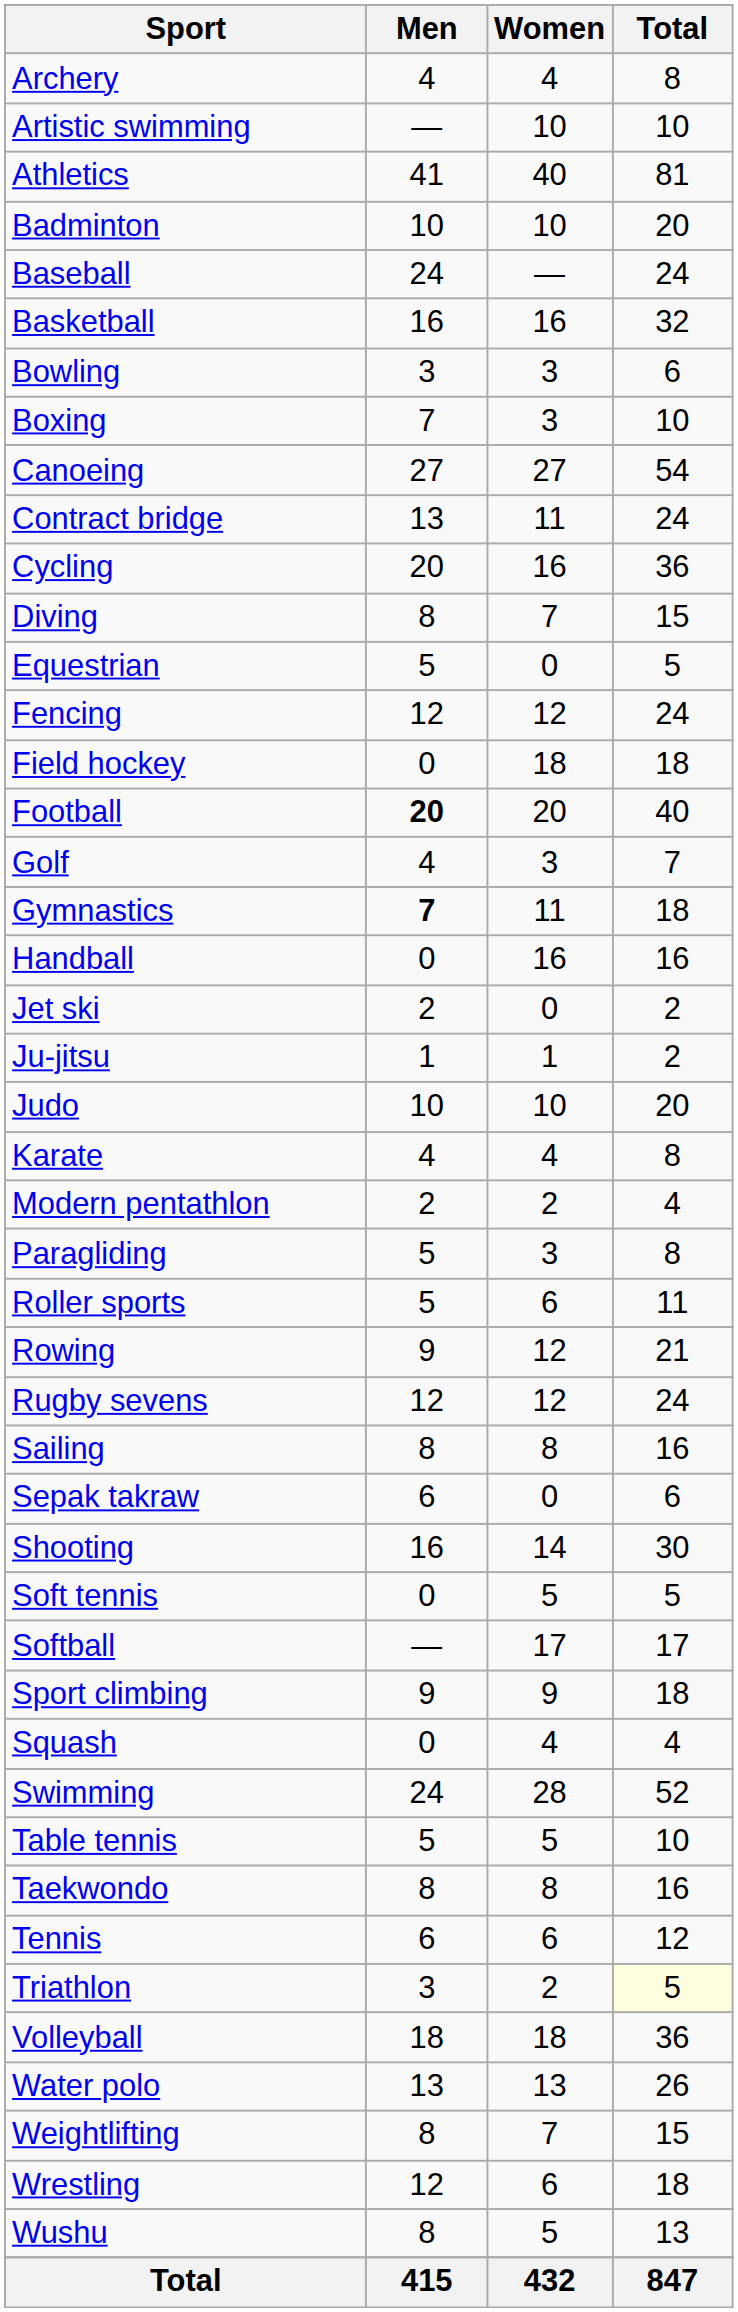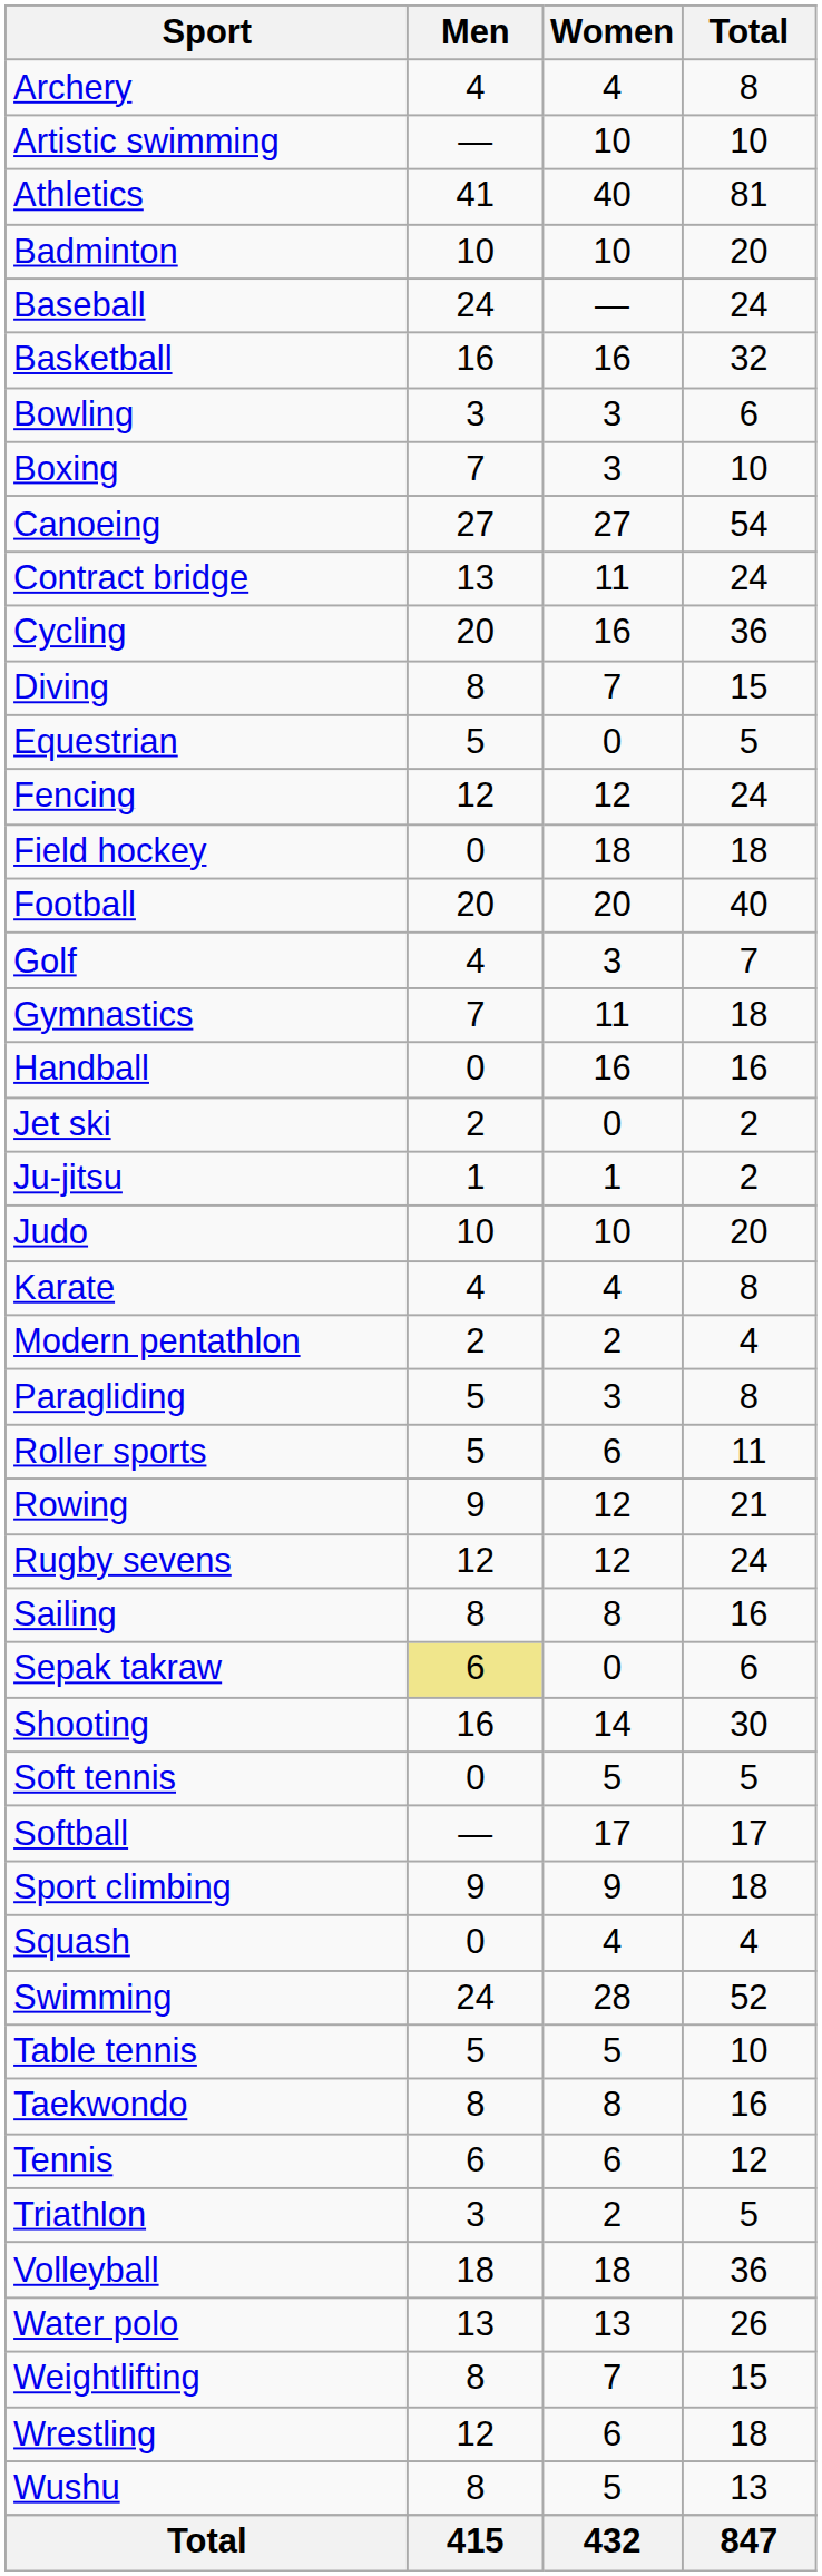 <table class="wikitable sortable" style="text-align:center;">
 <tr>
 <th width=180>Sport</th>
 <th width=55>Men</th>
 <th width=55>Women</th>
 <th width=55>Total</th>
 </tr>
 <tr>
 <td align=left><a href='#'>Archery</a></td>
 <td>4</td>
 <td>4</td>
 <td>8</td>
 </tr>
 <tr>
 <td align=left><a href='#'>Artistic swimming</a></td>
 <td>—</td>
 <td>10</td>
 <td>10</td>
 </tr>
 <tr>
 <td align=left><a href='#'>Athletics</a></td>
 <td>41</td>
 <td>40</td>
 <td>81</td>
 </tr>
 <tr>
 <td align=left><a href='#'>Badminton</a></td>
 <td>10</td>
 <td>10</td>
 <td>20</td>
 </tr>
 <tr>
 <td align=left><a href='#'>Baseball</a></td>
 <td>24</td>
 <td>—</td>
 <td>24</td>
 </tr>
 <tr>
 <td align=left><a href='#'>Basketball</a></td>
 <td>16</td>
 <td>16</td>
 <td>32</td>
 </tr>
 <tr>
 <td align=left><a href='#'>Bowling</a></td>
 <td>3</td>
 <td>3</td>
 <td>6</td>
 </tr>
 <tr>
 <td align=left><a href='#'>Boxing</a></td>
 <td>7</td>
 <td>3</td>
 <td>10</td>
 </tr>
 <tr>
 <td align=left><a href='#'>Canoeing</a></td>
 <td>27</td>
 <td>27</td>
 <td>54</td>
 </tr>
 <tr>
 <td align=left><a href='#'>Contract bridge</a></td>
 <td>13</td>
 <td>11</td>
 <td>24</td>
 </tr>
 <tr>
 <td align=left><a href='#'>Cycling</a></td>
 <td>20</td>
 <td>16</td>
 <td>36</td>
 </tr>
 <tr>
 <td align=left><a href='#'>Diving</a></td>
 <td>8</td>
 <td>7</td>
 <td>15</td>
 </tr>
 <tr>
 <td align=left><a href='#'>Equestrian</a></td>
 <td>5</td>
 <td>0</td>
 <td>5</td>
 </tr>
 <tr>
 <td align=left><a href='#'>Fencing</a></td>
 <td>12</td>
 <td>12</td>
 <td>24</td>
 </tr>
 <tr>
 <td align=left><a href='#'>Field hockey</a></td>
 <td>0</td>
 <td>18</td>
 <td>18</td>
 </tr>
 <tr>
 <td align=left><a href='#'>Football</a></td>
-<td><strong>20</strong></td>
+<td>20</td>
 <td>20</td>
 <td>40</td>
 </tr>
 <tr>
 <td align=left><a href='#'>Golf</a></td>
 <td>4</td>
 <td>3</td>
 <td>7</td>
 </tr>
 <tr>
 <td align=left><a href='#'>Gymnastics</a></td>
-<td><strong>7</strong></td>
+<td>7</td>
 <td>11</td>
 <td>18</td>
 </tr>
 <tr>
 <td align=left><a href='#'>Handball</a></td>
 <td>0</td>
 <td>16</td>
 <td>16</td>
 </tr>
 <tr>
 <td align=left><a href='#'>Jet ski</a></td>
 <td>2</td>
 <td>0</td>
 <td>2</td>
 </tr>
 <tr>
 <td align=left><a href='#'>Ju-jitsu</a></td>
 <td>1</td>
 <td>1</td>
 <td>2</td>
 </tr>
 <tr>
 <td align=left><a href='#'>Judo</a></td>
 <td>10</td>
 <td>10</td>
 <td>20</td>
 </tr>
 <tr>
 <td align=left><a href='#'>Karate</a></td>
 <td>4</td>
 <td>4</td>
 <td>8</td>
 </tr>
 <tr>
 <td align=left><a href='#'>Modern pentathlon</a></td>
 <td>2</td>
 <td>2</td>
 <td>4</td>
 </tr>
 <tr>
 <td align=left><a href='#'>Paragliding</a></td>
 <td>5</td>
 <td>3</td>
 <td>8</td>
 </tr>
 <tr>
 <td align=left><a href='#'>Roller sports</a></td>
 <td>5</td>
 <td>6</td>
 <td>11</td>
 </tr>
 <tr>
 <td align=left><a href='#'>Rowing</a></td>
 <td>9</td>
 <td>12</td>
 <td>21</td>
 </tr>
 <tr>
 <td align=left><a href='#'>Rugby sevens</a></td>
 <td>12</td>
 <td>12</td>
 <td>24</td>
 </tr>
 <tr>
 <td align=left><a href='#'>Sailing</a></td>
 <td>8</td>
 <td>8</td>
 <td>16</td>
 </tr>
 <tr>
 <td align=left><a href='#'>Sepak takraw</a></td>
-<td>6</td>
+<td style="background: khaki;">6</td>
 <td>0</td>
 <td>6</td>
 </tr>
 <tr>
 <td align=left><a href='#'>Shooting</a></td>
 <td>16</td>
 <td>14</td>
 <td>30</td>
 </tr>
 <tr>
 <td align=left><a href='#'>Soft tennis</a></td>
 <td>0</td>
 <td>5</td>
 <td>5</td>
 </tr>
 <tr>
 <td align=left><a href='#'>Softball</a></td>
 <td>—</td>
 <td>17</td>
 <td>17</td>
 </tr>
 <tr>
 <td align=left><a href='#'>Sport climbing</a></td>
 <td>9</td>
 <td>9</td>
 <td>18</td>
 </tr>
 <tr>
 <td align=left><a href='#'>Squash</a></td>
 <td>0</td>
 <td>4</td>
 <td>4</td>
 </tr>
 <tr>
 <td align=left><a href='#'>Swimming</a></td>
 <td>24</td>
 <td>28</td>
 <td>52</td>
 </tr>
 <tr>
 <td align=left><a href='#'>Table tennis</a></td>
 <td>5</td>
 <td>5</td>
 <td>10</td>
 </tr>
 <tr>
 <td align=left><a href='#'>Taekwondo</a></td>
 <td>8</td>
 <td>8</td>
 <td>16</td>
 </tr>
 <tr>
 <td align=left><a href='#'>Tennis</a></td>
 <td>6</td>
 <td>6</td>
 <td>12</td>
 </tr>
 <tr>
 <td align=left><a href='#'>Triathlon</a></td>
 <td>3</td>
 <td>2</td>
-<td style="background: lightyellow;">5</td>
+<td>5</td>
 </tr>
 <tr>
 <td align=left><a href='#'>Volleyball</a></td>
 <td>18</td>
 <td>18</td>
 <td>36</td>
 </tr>
 <tr>
 <td align=left><a href='#'>Water polo</a></td>
 <td>13</td>
 <td>13</td>
 <td>26</td>
 </tr>
 <tr>
 <td align=left><a href='#'>Weightlifting</a></td>
 <td>8</td>
 <td>7</td>
 <td>15</td>
 </tr>
 <tr>
 <td align=left><a href='#'>Wrestling</a></td>
 <td>12</td>
 <td>6</td>
 <td>18</td>
 </tr>
 <tr>
 <td align=left><a href='#'>Wushu</a></td>
 <td>8</td>
 <td>5</td>
 <td>13</td>
 </tr>
 <tr>
 </tr>
 <tr class="sortbottom">
 <th>Total</th>
 <th>415</th>
 <th>432</th>
 <th>847</th>
 </tr>
 </table>
